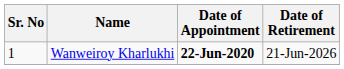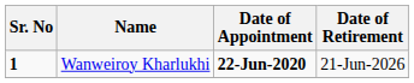 <table class="wikitable sortable">
 <tr>
 <th Style="background-color:">Sr. No</th>
 <th Style="background-color:">Name</th>
 <th Style="background-color:">Date of<br>Appointment</th>
 <th Style="background-color:">Date of<br>Retirement</th>
 </tr>
 <tr>
-<td>1</td>
+<td><strong>1</strong></td>
 <td><a href='#'>Wanweiroy Kharlukhi</a></td>
 <td><strong>22-Jun-2020</strong></td>
 <td>21-Jun-2026</td>
 </tr>
 <tr>
 </tr>
 </table>
